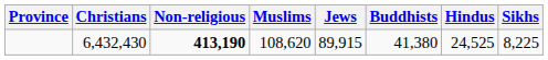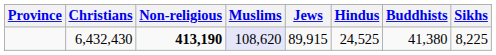 <table class="wikitable" style="text-align:right">
 <tr>
 <th><a href='#'>Province</a></th>
 <th><a href='#'>Christians</a></th>
 <th><a href='#'>Non-religious</a></th>
 <th><a href='#'>Muslims</a></th>
 <th><a href='#'>Jews</a></th>
+<th><a href='#'>Hindus</a></th>
 <th><a href='#'>Buddhists</a></th>
-<th><a href='#'>Hindus</a></th>
 <th><a href='#'>Sikhs</a></th>
 </tr>
 <tr>
 <td align=left></td>
 <td>6,432,430</td>
 <td><strong>413,190</strong></td>
-<td>108,620</td>
+<td style="background: lavender;">108,620</td>
 <td>89,915</td>
+<td>24,525</td>
 <td>41,380</td>
-<td>24,525</td>
 <td>8,225</td>
 </tr>
 </table>
